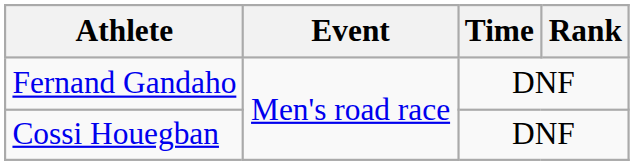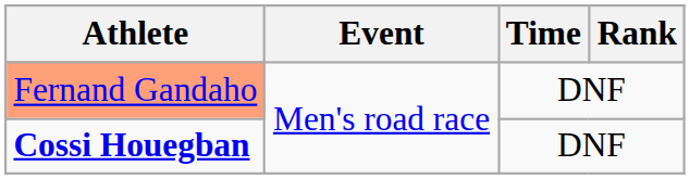 <table class=wikitable style="font-size:90%">
 <tr>
 <th>Athlete</th>
 <th>Event</th>
 <th>Time</th>
 <th>Rank</th>
 </tr>
 <tr align=center>
-<td align=left><a href='#'>Fernand Gandaho</a></td>
+<td align=left style="background: lightsalmon;"><a href='#'>Fernand Gandaho</a></td>
 <td align=left rowspan=3><a href='#'>Men's road race</a></td>
 <td colspan=2>DNF</td>
 </tr>
 <tr align=center>
-<td align=left><a href='#'>Cossi Houegban</a></td>
+<td align=left><strong><a href='#'>Cossi Houegban</a></strong></td>
 <td colspan=2>DNF</td>
 </tr>
 </table>
